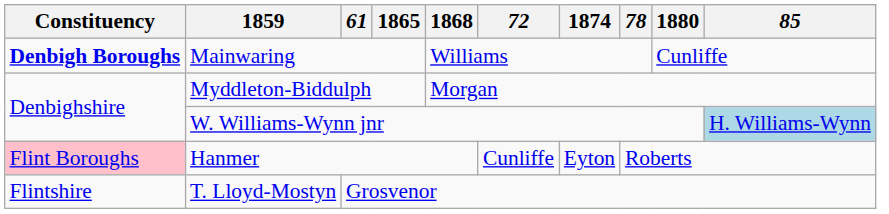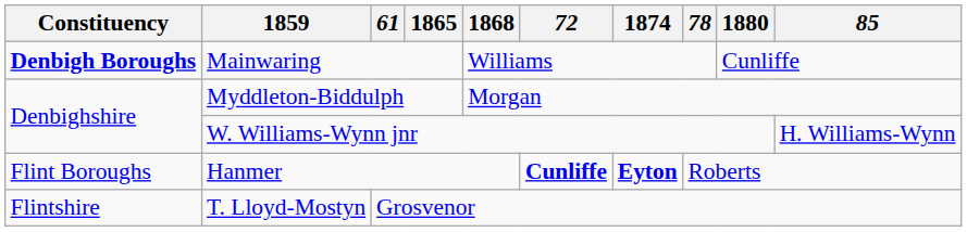 <table class="wikitable">
 <tr>
 <th>Constituency</th>
 <th>1859</th>
 <th><em>61</em></th>
 <th>1865</th>
 <th>1868</th>
 <th><em>72</em></th>
 <th>1874</th>
 <th><em>78</em></th>
 <th>1880</th>
 <th><em>85</em></th>
 </tr>
 <tr>
 <td><strong><a href='#'>Denbigh Boroughs</a></strong></td>
 <td colspan="3"><a href='#'>Mainwaring</a></td>
 <td colspan="4"><a href='#'>Williams</a></td>
 <td colspan="2"><a href='#'>Cunliffe</a></td>
 </tr>
 <tr>
 <td rowspan="2"><a href='#'>Denbighshire</a></td>
 <td colspan="3"><a href='#'>Myddleton-Biddulph</a></td>
 <td colspan="6"><a href='#'>Morgan</a></td>
 </tr>
 <tr>
 <td colspan="8"><a href='#'>W. Williams-Wynn jnr</a></td>
-<td style="background: lightblue;"><a href='#'>H. Williams-Wynn</a></td>
+<td><a href='#'>H. Williams-Wynn</a></td>
 </tr>
 <tr>
-<td style="background: pink;"><a href='#'>Flint Boroughs</a></td>
+<td><a href='#'>Flint Boroughs</a></td>
 <td colspan="4"><a href='#'>Hanmer</a></td>
-<td><a href='#'>Cunliffe</a></td>
-<td><a href='#'>Eyton</a></td>
+<td><strong><a href='#'>Cunliffe</a></strong></td>
+<td><strong><a href='#'>Eyton</a></strong></td>
 <td colspan="3"><a href='#'>Roberts</a></td>
 </tr>
 <tr>
 <td><a href='#'>Flintshire</a></td>
 <td><a href='#'>T. Lloyd-Mostyn</a></td>
 <td colspan="8"><a href='#'>Grosvenor</a></td>
 </tr>
 </table>
